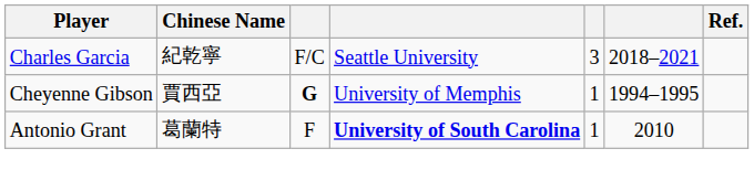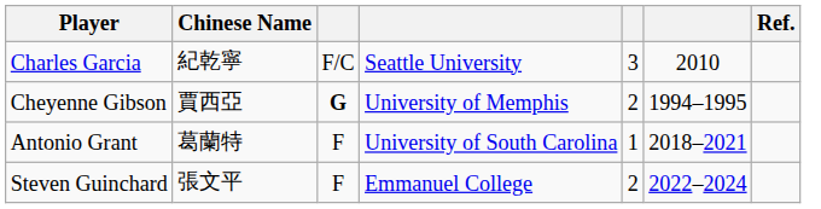 <table class="wikitable sortable" style="font-size:95%; text-align:left;">
 <tr>
 <th>Player</th>
 <th>Chinese Name</th>
 <th></th>
 <th></th>
 <th></th>
 <th></th>
 <th>Ref.</th>
 </tr>
 <tr>
 <td><a href='#'>Charles Garcia</a></td>
 <td>紀乾寧</td>
 <td align="center">F/C</td>
 <td><a href='#'>Seattle University</a></td>
 <td align="center">3</td>
-<td align="center">2018–<a href='#'>2021</a></td>
+<td align="center">2010</td>
 <td></td>
 </tr>
 <tr>
 <td>Cheyenne Gibson</td>
 <td>賈西亞</td>
 <td align="center"><strong>G</strong></td>
 <td><a href='#'>University of Memphis</a></td>
-<td align="center">1</td>
+<td align="center">2</td>
 <td align="center">1994–1995</td>
 <td></td>
 </tr>
 <tr>
 <td>Antonio Grant</td>
 <td>葛蘭特</td>
 <td align="center">F</td>
-<td><strong><a href='#'>University of South Carolina</a></strong></td>
+<td><a href='#'>University of South Carolina</a></td>
 <td align="center">1</td>
-<td align="center">2010</td>
+<td align="center">2018–<a href='#'>2021</a></td>
+<td></td>
+</tr>
+<tr>
+<td>Steven Guinchard</td>
+<td>張文平</td>
+<td align="center">F</td>
+<td><a href='#'>Emmanuel College</a></td>
+<td align="center">2</td>
+<td align="center"><a href='#'>2022</a>–<a href='#'>2024</a></td>
 <td></td>
 </tr>
 </table>
